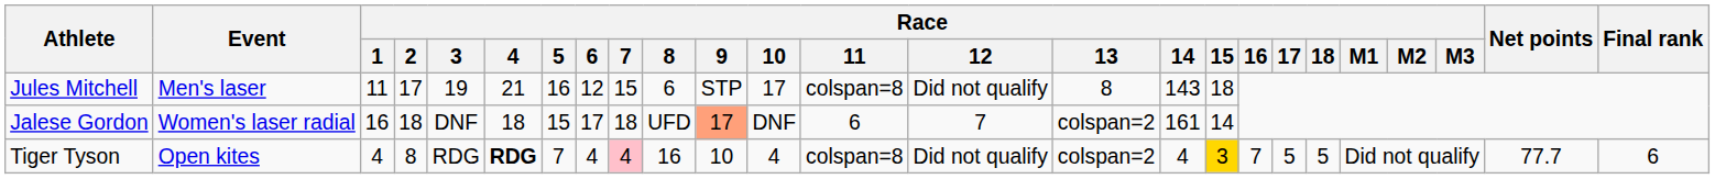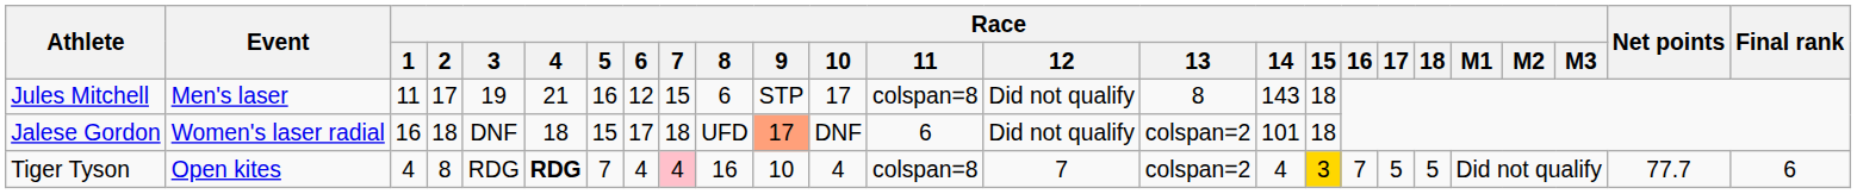 <table class="wikitable" border="1" style="font-size:90%">
 <tr>
 <th rowspan=2>Athlete</th>
 <th rowspan=2>Event</th>
 <th colspan=21>Race</th>
 <th rowspan=2>Net points</th>
 <th rowspan=2>Final rank</th>
 </tr>
 <tr>
 <th>1</th>
 <th>2</th>
 <th>3</th>
 <th>4</th>
 <th>5</th>
 <th>6</th>
 <th>7</th>
 <th>8</th>
 <th>9</th>
 <th>10</th>
 <th>11</th>
 <th>12</th>
 <th>13</th>
 <th>14</th>
 <th>15</th>
 <th>16</th>
 <th>17</th>
 <th>18</th>
 <th>M1</th>
 <th>M2</th>
 <th>M3</th>
 </tr>
 <tr align=center>
 <td align=left><a href='#'>Jules Mitchell</a></td>
 <td align=left><a href='#'>Men's laser</a></td>
 <td>11</td>
 <td>17</td>
 <td>19</td>
 <td>21</td>
 <td>16</td>
 <td>12</td>
 <td>15</td>
 <td>6</td>
 <td>STP</td>
 <td>17</td>
 <td>colspan=8 </td>
 <td>Did not qualify</td>
 <td>8</td>
 <td>143</td>
 <td>18</td>
 </tr>
 <tr align=center>
 <td align=left><a href='#'>Jalese Gordon</a></td>
 <td align=left><a href='#'>Women's laser radial</a></td>
 <td>16</td>
 <td>18</td>
 <td>DNF</td>
 <td>18</td>
 <td>15</td>
 <td>17</td>
 <td>18</td>
 <td>UFD</td>
 <td style="background: lightsalmon;">17</td>
 <td>DNF</td>
 <td>6</td>
-<td>7</td>
+<td>Did not qualify</td>
 <td>colspan=2 </td>
-<td>161</td>
-<td>14</td>
+<td>101</td>
+<td>18</td>
 </tr>
 <tr align=center>
 <td align=left>Tiger Tyson</td>
 <td align=left><a href='#'>Open kites</a></td>
 <td>4</td>
 <td>8</td>
 <td>RDG</td>
 <td><strong>RDG</strong></td>
 <td>7</td>
 <td>4</td>
 <td style="background: pink;">4</td>
 <td>16</td>
 <td>10</td>
 <td>4</td>
 <td>colspan=8 </td>
-<td>Did not qualify</td>
+<td>7</td>
 <td>colspan=2 </td>
 <td>4</td>
 <td style="background: gold;">3</td>
 <td>7</td>
 <td>5</td>
 <td>5</td>
 <td colspan=3>Did not qualify</td>
 <td>77.7</td>
 <td>6</td>
 </tr>
 </table>
